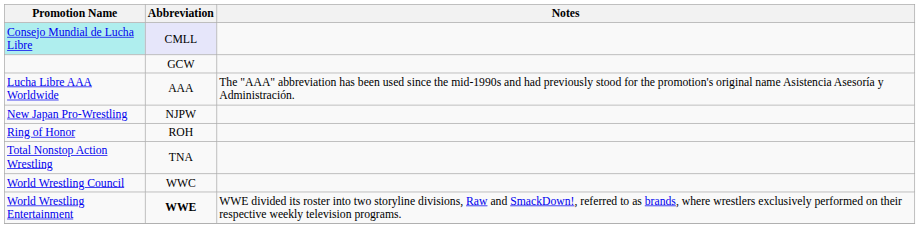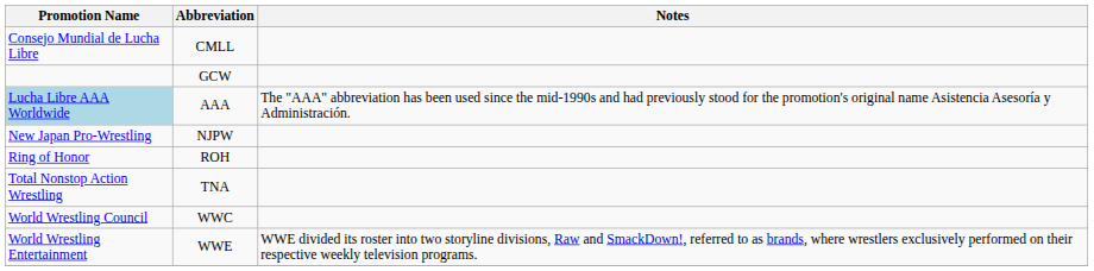 <table class="wikitable">
 <tr>
 <th>Promotion Name</th>
 <th>Abbreviation</th>
 <th>Notes</th>
 </tr>
 <tr>
-<td style="background: paleturquoise;"><a href='#'>Consejo Mundial de Lucha Libre</a></td>
-<td align=center style="background: lavender;">CMLL</td>
+<td><a href='#'>Consejo Mundial de Lucha Libre</a></td>
+<td align=center>CMLL</td>
 <td></td>
 </tr>
 <tr>
 <td></td>
 <td align=center>GCW</td>
 <td></td>
 </tr>
 <tr>
-<td><a href='#'>Lucha Libre AAA Worldwide</a></td>
+<td style="background: lightblue;"><a href='#'>Lucha Libre AAA Worldwide</a></td>
 <td align=center>AAA</td>
 <td>The "AAA" abbreviation has been used since the mid-1990s and had previously stood for the promotion's original name Asistencia Asesoría y Administración.</td>
 </tr>
 <tr>
 <td><a href='#'>New Japan Pro-Wrestling</a></td>
 <td align=center>NJPW</td>
 <td></td>
 </tr>
 <tr>
 <td><a href='#'>Ring of Honor</a></td>
 <td align=center>ROH</td>
 <td></td>
 </tr>
 <tr>
 <td><a href='#'>Total Nonstop Action Wrestling</a></td>
 <td align=center>TNA</td>
 <td></td>
 </tr>
 <tr>
 <td><a href='#'>World Wrestling Council</a></td>
 <td align=center>WWC</td>
 <td></td>
 </tr>
 <tr>
 <td><a href='#'>World Wrestling Entertainment</a></td>
-<td align=center><strong>WWE</strong></td>
+<td align=center>WWE</td>
 <td>WWE divided its roster into two storyline divisions, <a href='#'>Raw</a> and <a href='#'>SmackDown!</a>, referred to as <a href='#'>brands</a>, where wrestlers exclusively performed on their respective weekly television programs.</td>
 </tr>
 <tr>
 </tr>
 </table>
